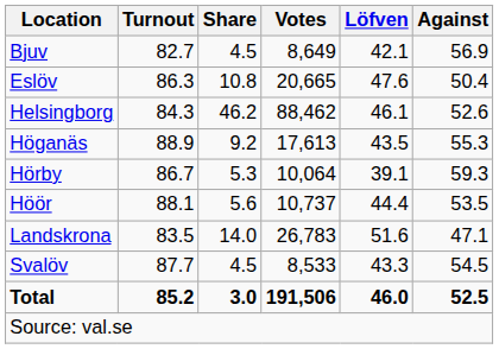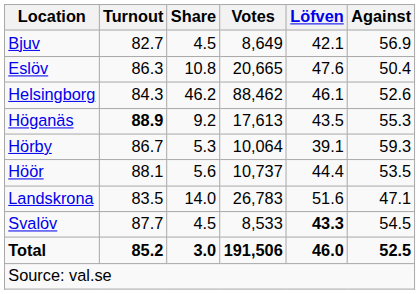 <table class="wikitable sortable" style=text-align:right>
 <tr>
 <th>Location</th>
 <th>Turnout</th>
 <th>Share</th>
 <th>Votes</th>
 <th><a href='#'>Löfven</a></th>
 <th>Against</th>
 </tr>
 <tr>
 <td align=left><a href='#'>Bjuv</a></td>
 <td>82.7</td>
 <td>4.5</td>
 <td>8,649</td>
 <td>42.1</td>
 <td>56.9</td>
 </tr>
 <tr>
 <td align=left><a href='#'>Eslöv</a></td>
 <td>86.3</td>
 <td>10.8</td>
 <td>20,665</td>
 <td>47.6</td>
 <td>50.4</td>
 </tr>
 <tr>
 <td align=left><a href='#'>Helsingborg</a></td>
 <td>84.3</td>
 <td>46.2</td>
 <td>88,462</td>
 <td>46.1</td>
 <td>52.6</td>
 </tr>
 <tr>
 <td align=left><a href='#'>Höganäs</a></td>
-<td>88.9</td>
+<td><strong>88.9</strong></td>
 <td>9.2</td>
 <td>17,613</td>
 <td>43.5</td>
 <td>55.3</td>
 </tr>
 <tr>
 <td align=left><a href='#'>Hörby</a></td>
 <td>86.7</td>
 <td>5.3</td>
 <td>10,064</td>
 <td>39.1</td>
 <td>59.3</td>
 </tr>
 <tr>
 <td align=left><a href='#'>Höör</a></td>
 <td>88.1</td>
 <td>5.6</td>
 <td>10,737</td>
 <td>44.4</td>
 <td>53.5</td>
 </tr>
 <tr>
 <td align=left><a href='#'>Landskrona</a></td>
 <td>83.5</td>
 <td>14.0</td>
 <td>26,783</td>
 <td>51.6</td>
 <td>47.1</td>
 </tr>
 <tr>
 <td align=left><a href='#'>Svalöv</a></td>
 <td>87.7</td>
 <td>4.5</td>
 <td>8,533</td>
-<td>43.3</td>
+<td><strong>43.3</strong></td>
 <td>54.5</td>
 </tr>
 <tr>
 <td align=left><strong>Total</strong></td>
 <td><strong>85.2</strong></td>
 <td><strong>3.0</strong></td>
 <td><strong>191,506</strong></td>
 <td><strong>46.0</strong></td>
 <td><strong>52.5</strong></td>
 </tr>
 <tr>
 <td align=left colspan=6>Source: val.se</td>
 </tr>
 </table>
